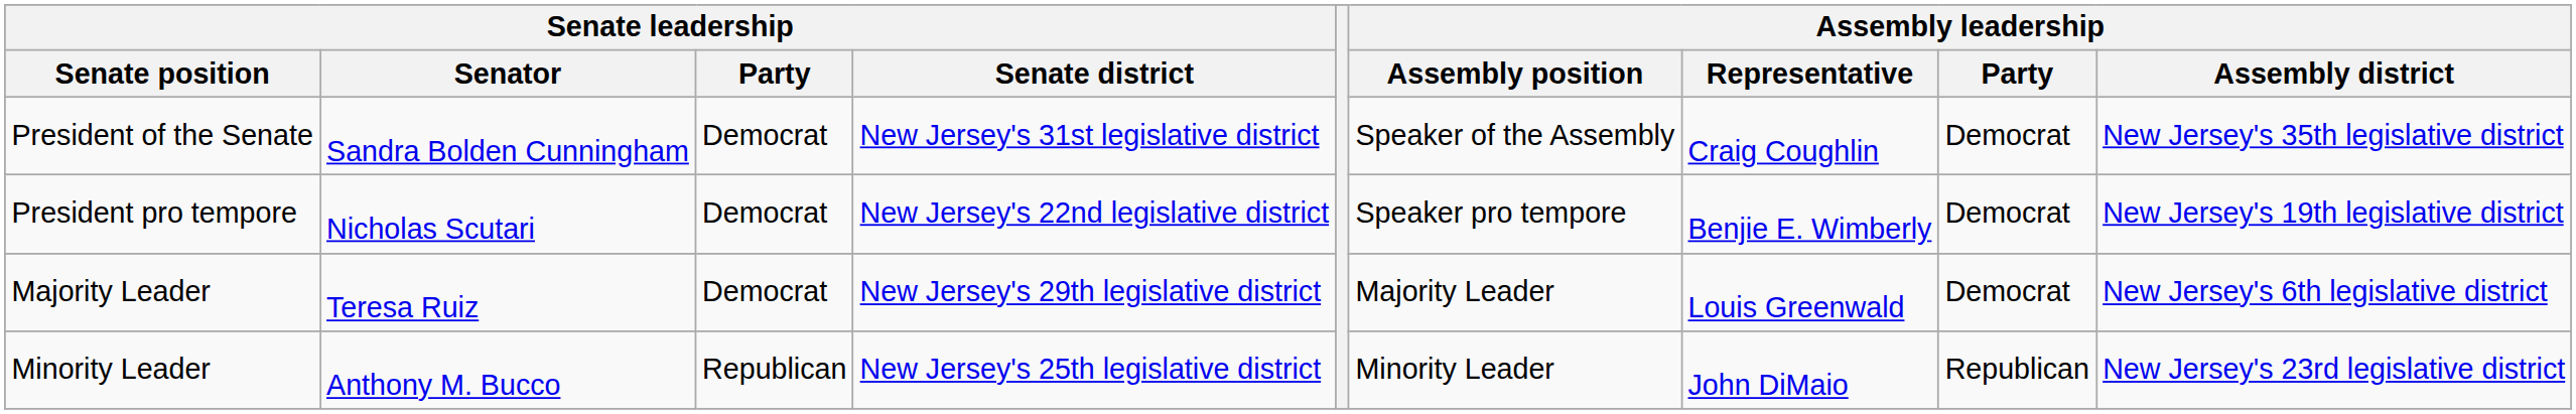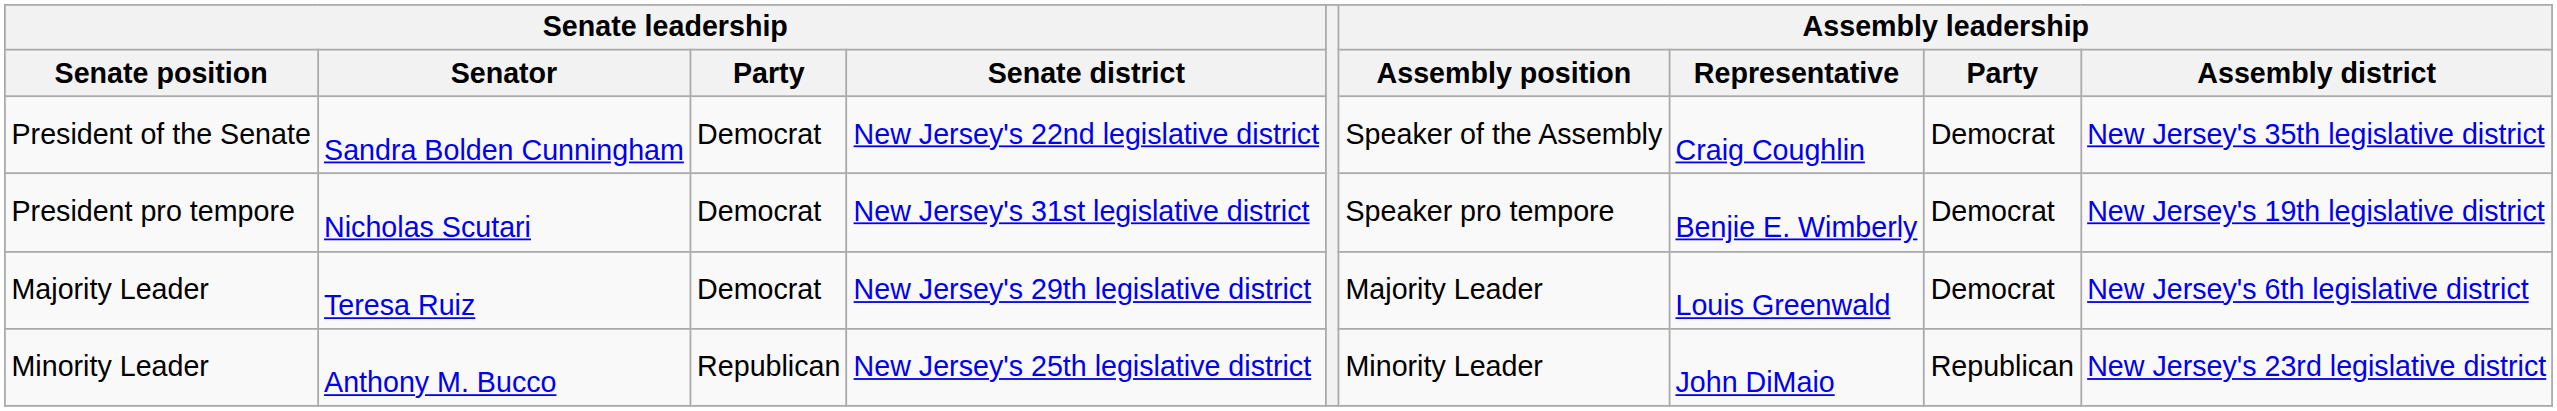 <table class="wikitable">
 <tr>
 <th colspan="4">Senate leadership</th>
 <th rowspan="6"></th>
 <th colspan="4">Assembly leadership</th>
 </tr>
 <tr>
 <th>Senate position</th>
 <th>Senator</th>
 <th>Party</th>
 <th>Senate district</th>
 <th>Assembly position</th>
 <th>Representative</th>
 <th>Party</th>
 <th>Assembly district</th>
 </tr>
 <tr>
 <td>President of the Senate</td>
 <td><br><a href='#'>Sandra Bolden Cunningham</a></td>
 <td>Democrat</td>
-<td><a href='#'>New Jersey's 31st legislative district</a></td>
+<td><a href='#'>New Jersey's 22nd legislative district</a></td>
 <td>Speaker of the Assembly</td>
 <td><br><a href='#'>Craig Coughlin</a></td>
 <td>Democrat</td>
 <td><a href='#'>New Jersey's 35th legislative district</a></td>
 </tr>
 <tr>
 <td>President pro tempore</td>
 <td><br><a href='#'>Nicholas Scutari</a></td>
 <td>Democrat</td>
-<td><a href='#'>New Jersey's 22nd legislative district</a></td>
+<td><a href='#'>New Jersey's 31st legislative district</a></td>
 <td>Speaker pro tempore</td>
 <td><br><a href='#'>Benjie E. Wimberly</a></td>
 <td>Democrat</td>
 <td><a href='#'>New Jersey's 19th legislative district</a></td>
 </tr>
 <tr>
 <td>Majority Leader</td>
 <td><br><a href='#'>Teresa Ruiz</a></td>
 <td>Democrat</td>
 <td><a href='#'>New Jersey's 29th legislative district</a></td>
 <td>Majority Leader</td>
 <td><br><a href='#'>Louis Greenwald</a></td>
 <td>Democrat</td>
 <td><a href='#'>New Jersey's 6th legislative district</a></td>
 </tr>
 <tr>
 <td>Minority Leader</td>
 <td><br><a href='#'>Anthony M. Bucco</a></td>
 <td>Republican</td>
 <td><a href='#'>New Jersey's 25th legislative district</a></td>
 <td>Minority Leader</td>
 <td><br><a href='#'>John DiMaio</a></td>
 <td>Republican</td>
 <td><a href='#'>New Jersey's 23rd legislative district</a></td>
 </tr>
 </table>
